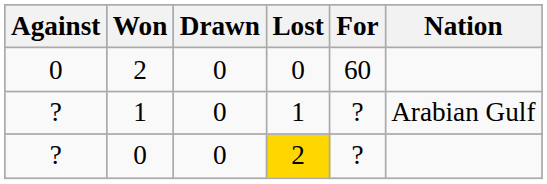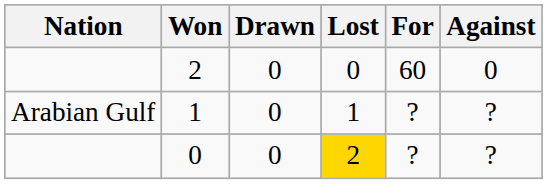 <table class="wikitable" style="text-align: center;">
 <tr>
-<th>Against</th>
+<th>Nation</th>
 <th>Won</th>
 <th>Drawn</th>
 <th>Lost</th>
 <th>For</th>
-<th>Nation</th>
+<th>Against</th>
 </tr>
 <tr>
-<td>0</td>
+<td align="left"></td>
 <td>2</td>
 <td>0</td>
 <td>0</td>
 <td>60</td>
-<td align="left"></td>
+<td>0</td>
 </tr>
 <tr>
-<td>?</td>
+<td align="left"> Arabian Gulf</td>
 <td>1</td>
 <td>0</td>
 <td>1</td>
 <td>?</td>
-<td align="left"> Arabian Gulf</td>
+<td>?</td>
 </tr>
 <tr>
-<td>?</td>
+<td align="left"></td>
 <td>0</td>
 <td>0</td>
 <td style="background: gold;">2</td>
 <td>?</td>
-<td align="left"></td>
+<td>?</td>
 </tr>
 </table>
